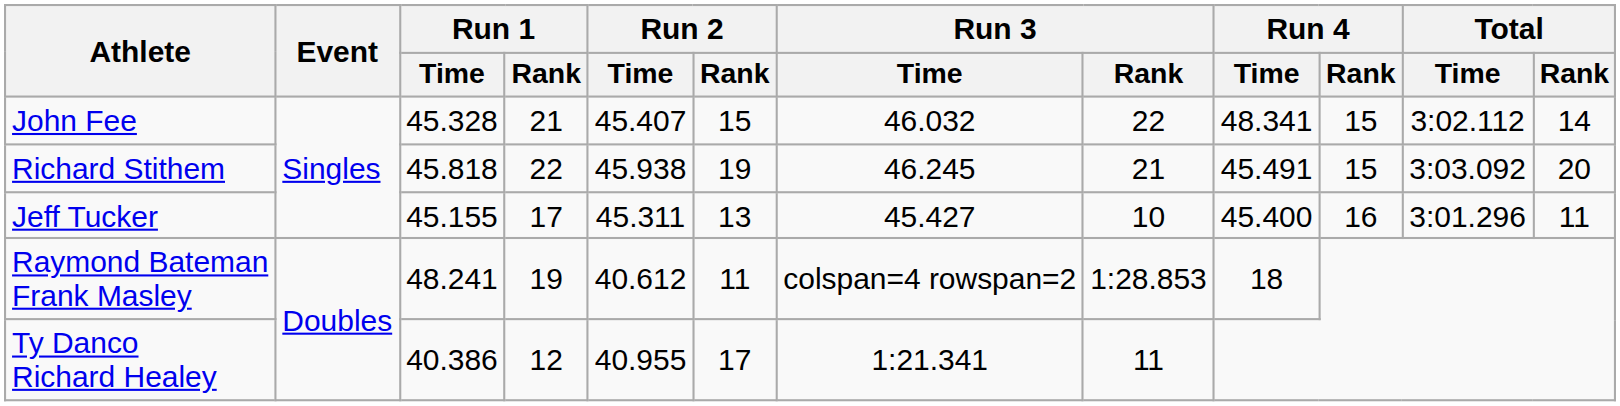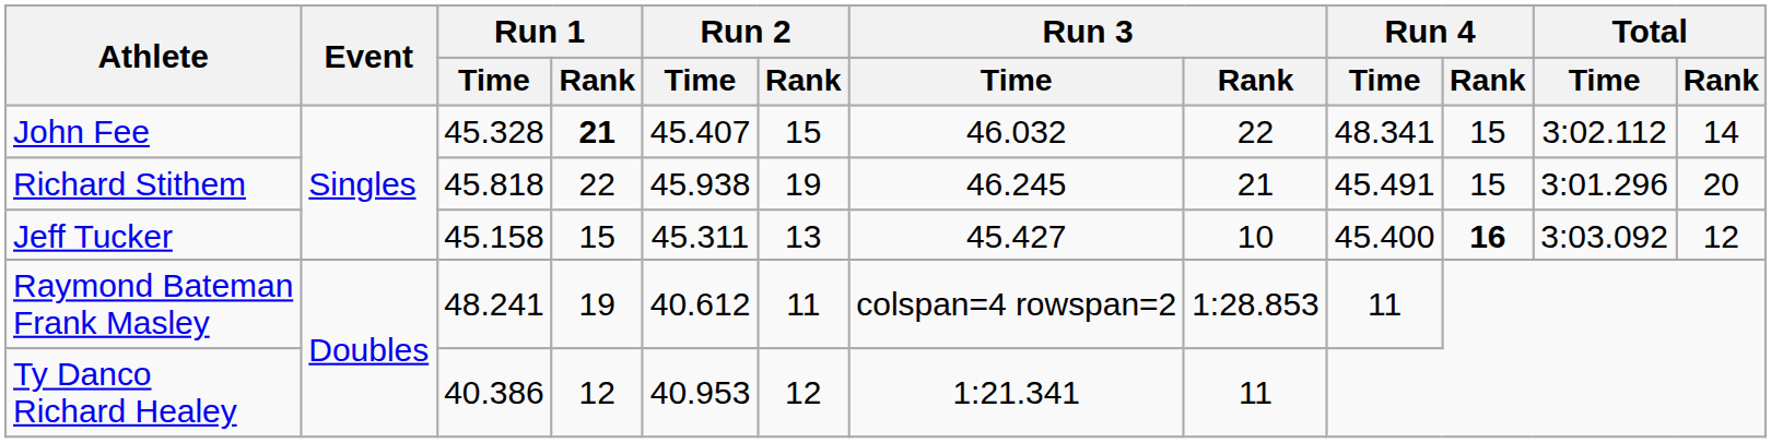 <table class=wikitable  style=font-size:90%;text-align:center>
 <tr>
 <th rowspan=2>Athlete</th>
 <th rowspan=2>Event</th>
 <th colspan=2>Run 1</th>
 <th colspan=2>Run 2</th>
 <th colspan=2>Run 3</th>
 <th colspan=2>Run 4</th>
 <th colspan=2>Total</th>
 </tr>
 <tr style=font-size:95%>
 <th>Time</th>
 <th>Rank</th>
 <th>Time</th>
 <th>Rank</th>
 <th>Time</th>
 <th>Rank</th>
 <th>Time</th>
 <th>Rank</th>
 <th>Time</th>
 <th>Rank</th>
 </tr>
 <tr>
 <td align=left><a href='#'>John Fee</a></td>
 <td align=left rowspan=3><a href='#'>Singles</a></td>
 <td>45.328</td>
-<td>21</td>
+<td><strong>21</strong></td>
 <td>45.407</td>
 <td>15</td>
 <td>46.032</td>
 <td>22</td>
 <td>48.341</td>
 <td>15</td>
 <td>3:02.112</td>
 <td>14</td>
 </tr>
 <tr>
 <td align=left><a href='#'>Richard Stithem</a></td>
 <td>45.818</td>
 <td>22</td>
 <td>45.938</td>
 <td>19</td>
 <td>46.245</td>
 <td>21</td>
 <td>45.491</td>
 <td>15</td>
-<td>3:03.092</td>
+<td>3:01.296</td>
 <td>20</td>
 </tr>
 <tr>
 <td align=left><a href='#'>Jeff Tucker</a></td>
-<td>45.155</td>
-<td>17</td>
+<td>45.158</td>
+<td>15</td>
 <td>45.311</td>
 <td>13</td>
 <td>45.427</td>
 <td>10</td>
 <td>45.400</td>
-<td>16</td>
-<td>3:01.296</td>
-<td>11</td>
+<td><strong>16</strong></td>
+<td>3:03.092</td>
+<td>12</td>
 </tr>
 <tr>
 <td align=left><a href='#'>Raymond Bateman</a><br><a href='#'>Frank Masley</a></td>
 <td align=left rowspan=2><a href='#'>Doubles</a></td>
 <td>48.241</td>
 <td>19</td>
 <td>40.612</td>
 <td>11</td>
 <td>colspan=4 rowspan=2 </td>
 <td>1:28.853</td>
-<td>18</td>
+<td>11</td>
 </tr>
 <tr>
 <td align=left><a href='#'>Ty Danco</a><br><a href='#'>Richard Healey</a></td>
 <td>40.386</td>
 <td>12</td>
-<td>40.955</td>
-<td>17</td>
+<td>40.953</td>
+<td>12</td>
 <td>1:21.341</td>
 <td>11</td>
 </tr>
 </table>
